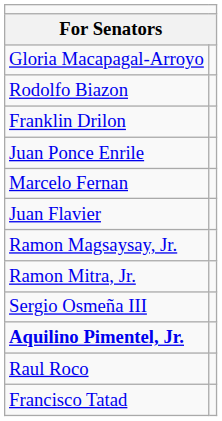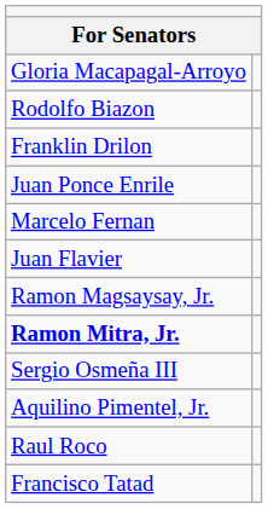 <table class=wikitable style="font-size:90%">
 <tr>
 <td colspan=4 bgcolor=></td>
 </tr>
 <tr>
 <th colspan=5>For Senators</th>
 </tr>
 <tr>
 <td><a href='#'>Gloria Macapagal-Arroyo</a></td>
 <td></td>
 </tr>
 <tr>
 <td><a href='#'>Rodolfo Biazon</a></td>
 <td></td>
 </tr>
 <tr>
 <td><a href='#'>Franklin Drilon</a></td>
 <td></td>
 </tr>
 <tr>
 <td><a href='#'>Juan Ponce Enrile</a></td>
 <td></td>
 </tr>
 <tr>
 <td><a href='#'>Marcelo Fernan</a></td>
 <td></td>
 </tr>
 <tr>
 <td><a href='#'>Juan Flavier</a></td>
 <td></td>
 </tr>
 <tr>
 <td><a href='#'>Ramon Magsaysay, Jr.</a></td>
 <td></td>
 </tr>
 <tr>
-<td><a href='#'>Ramon Mitra, Jr.</a></td>
+<td><strong><a href='#'>Ramon Mitra, Jr.</a></strong></td>
 <td></td>
 </tr>
 <tr>
 <td><a href='#'>Sergio Osmeña III</a></td>
 <td></td>
 </tr>
 <tr>
-<td><strong><a href='#'>Aquilino Pimentel, Jr.</a></strong></td>
+<td><a href='#'>Aquilino Pimentel, Jr.</a></td>
 <td></td>
 </tr>
 <tr>
 <td><a href='#'>Raul Roco</a></td>
 <td></td>
 </tr>
 <tr>
 <td><a href='#'>Francisco Tatad</a></td>
 <td></td>
 </tr>
 </table>
